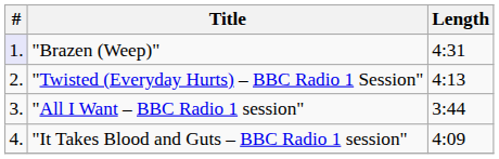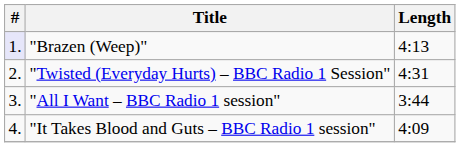 <table class="wikitable">
 <tr>
 <th>#</th>
 <th>Title</th>
 <th>Length</th>
 </tr>
 <tr>
 <td style="background: lavender;">1.</td>
 <td>"Brazen (Weep)"</td>
-<td>4:31</td>
+<td>4:13</td>
 </tr>
 <tr>
 <td>2.</td>
 <td>"<a href='#'>Twisted (Everyday Hurts)</a> – <a href='#'>BBC Radio 1</a> Session"</td>
-<td>4:13</td>
+<td>4:31</td>
 </tr>
 <tr>
 <td>3.</td>
 <td>"<a href='#'>All I Want</a> – <a href='#'>BBC Radio 1</a> session"</td>
 <td>3:44</td>
 </tr>
 <tr>
 <td>4.</td>
 <td>"It Takes Blood and Guts – <a href='#'>BBC Radio 1</a> session"</td>
 <td>4:09</td>
 </tr>
 <tr>
 </tr>
 </table>
